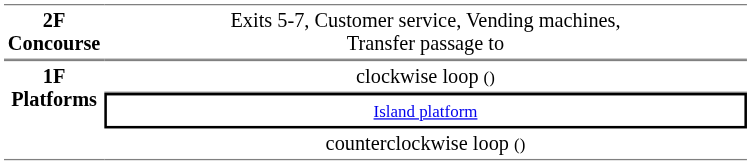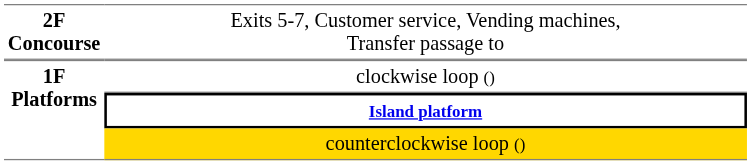 <table table border=0 cellspacing=0 cellpadding=3>
 <tr>
 <td style="border-bottom:solid 1px gray;border-top:solid 1px gray;text-align:center" valign=top width=50><strong>2F<br>Concourse</strong></td>
 <td style="border-bottom:solid 1px gray; border-top:solid 1px gray;text-align:center" valign=top width=500>Exits 5-7, Customer service, Vending machines,<br>Transfer passage to </td>
 </tr>
 <tr>
 <td style="border-bottom:solid 1px gray; border-top:solid 1px gray;text-align:center" rowspan="3" valign=top><strong>1F<br>Platforms</strong></td>
 <td style="border-bottom:solid 1px gray;border-top:solid 1px gray;text-align:center;">  clockwise loop <small>()</small></td>
 </tr>
 <tr>
-<td style="border-right:solid 2px black;border-left:solid 2px black;border-top:solid 2px black;border-bottom:solid 2px black;text-align:center;"><small><a href='#'>Island platform</a></small></td>
+<td style="border-right:solid 2px black;border-left:solid 2px black;border-top:solid 2px black;border-bottom:solid 2px black;text-align:center;"><strong><small><a href='#'>Island platform</a></small></strong></td>
 </tr>
 <tr>
-<td style="border-bottom:solid 1px gray;text-align:center;"> counterclockwise loop <small>()</small> </td>
+<td style="background: gold; border-bottom:solid 1px gray;text-align:center;"> counterclockwise loop <small>()</small> </td>
 </tr>
 </table>
